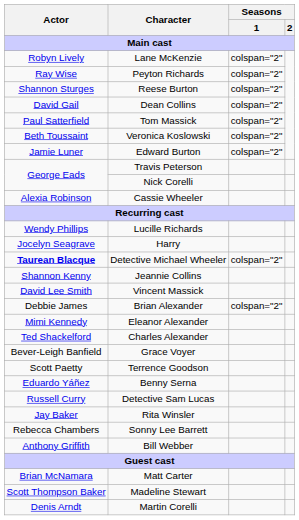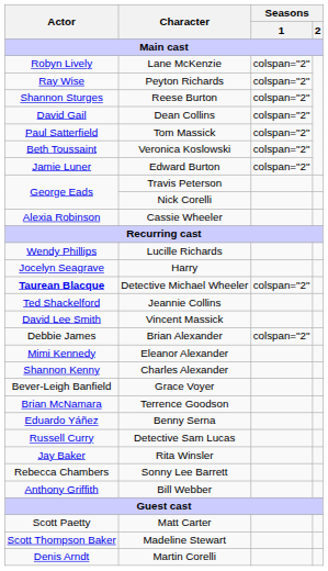 <table class="wikitable" style="text-align:center;">
 <tr>
 <th rowspan="2">Actor</th>
 <th rowspan="2">Character</th>
 <th colspan="4">Seasons</th>
 </tr>
 <tr>
 <th scope="col">1</th>
 <th scope="col">2</th>
 </tr>
 <tr>
 <th colspan="5" style="background-color:#ccccff;">Main cast</th>
 </tr>
 <tr>
 <td><a href='#'>Robyn Lively</a></td>
 <td scope="row">Lane McKenzie</td>
 <td>colspan="2" </td>
 </tr>
 <tr>
 <td><a href='#'>Ray Wise</a></td>
 <td scope="row">Peyton Richards</td>
 <td>colspan="2" </td>
 </tr>
 <tr>
 <td><a href='#'>Shannon Sturges</a></td>
 <td scope="row">Reese Burton</td>
 <td>colspan="2" </td>
 </tr>
 <tr>
 <td><a href='#'>David Gail</a></td>
 <td scope="row">Dean Collins</td>
 <td>colspan="2" </td>
 </tr>
 <tr>
 <td><a href='#'>Paul Satterfield</a></td>
 <td scope="row">Tom Massick</td>
 <td>colspan="2" </td>
 </tr>
 <tr>
 <td><a href='#'>Beth Toussaint</a></td>
 <td scope="row">Veronica Koslowski</td>
 <td>colspan="2" </td>
 </tr>
 <tr>
 <td><a href='#'>Jamie Luner</a></td>
 <td scope="row">Edward Burton</td>
 <td>colspan="2" </td>
 </tr>
 <tr>
 <td rowspan="2"><a href='#'>George Eads</a></td>
 <td scope="row">Travis Peterson</td>
 <td></td>
 <td></td>
 </tr>
 <tr>
 <td scope="row">Nick Corelli</td>
 <td></td>
 <td></td>
 </tr>
 <tr>
 <td><a href='#'>Alexia Robinson</a></td>
 <td scope="row">Cassie Wheeler</td>
 <td></td>
 <td></td>
 </tr>
 <tr>
 <th colspan="5" style="background-color:#ccccff;">Recurring cast</th>
 </tr>
 <tr>
 <td><a href='#'>Wendy Phillips</a></td>
 <td scope="row">Lucille Richards</td>
 <td></td>
 <td></td>
 </tr>
 <tr>
 <td><a href='#'>Jocelyn Seagrave</a></td>
 <td scope="row">Harry</td>
 <td></td>
 <td></td>
 </tr>
 <tr>
 <td><strong><a href='#'>Taurean Blacque</a></strong></td>
 <td scope="row">Detective Michael Wheeler</td>
 <td>colspan="2" </td>
 </tr>
 <tr>
-<td><a href='#'>Shannon Kenny</a></td>
+<td><a href='#'>Ted Shackelford</a></td>
 <td scope="row">Jeannie Collins</td>
 <td></td>
 <td></td>
 </tr>
 <tr>
 <td><a href='#'>David Lee Smith</a></td>
 <td scope="row">Vincent Massick</td>
 <td></td>
 <td></td>
 </tr>
 <tr>
 <td>Debbie James</td>
 <td scope="row">Brian Alexander</td>
 <td>colspan="2" </td>
 </tr>
 <tr>
 <td><a href='#'>Mimi Kennedy</a></td>
 <td scope="row">Eleanor Alexander</td>
 <td></td>
 <td></td>
 </tr>
 <tr>
-<td><a href='#'>Ted Shackelford</a></td>
+<td><a href='#'>Shannon Kenny</a></td>
 <td scope="row">Charles Alexander</td>
 <td></td>
 <td></td>
 </tr>
 <tr>
 <td>Bever-Leigh Banfield</td>
 <td scope="row">Grace Voyer</td>
 <td></td>
 <td></td>
 </tr>
 <tr>
-<td>Scott Paetty</td>
+<td><a href='#'>Brian McNamara</a></td>
 <td scope="row">Terrence Goodson</td>
 <td></td>
 <td></td>
 </tr>
 <tr>
 <td><a href='#'>Eduardo Yáñez</a></td>
 <td scope="row">Benny Serna</td>
 <td></td>
 <td></td>
 </tr>
 <tr>
 <td><a href='#'>Russell Curry</a></td>
 <td scope="row">Detective Sam Lucas</td>
 <td></td>
 <td></td>
 </tr>
 <tr>
 <td><a href='#'>Jay Baker</a></td>
 <td scope="row">Rita Winsler</td>
 <td></td>
 <td></td>
 </tr>
 <tr>
 <td>Rebecca Chambers</td>
 <td scope="row">Sonny Lee Barrett</td>
 <td></td>
 <td></td>
 </tr>
 <tr>
 <td><a href='#'>Anthony Griffith</a></td>
 <td scope="row">Bill Webber</td>
 <td></td>
 <td></td>
 </tr>
 <tr>
 <th colspan="5" style="background-color:#ccccff;">Guest cast</th>
 </tr>
 <tr>
-<td><a href='#'>Brian McNamara</a></td>
+<td>Scott Paetty</td>
 <td scope="row">Matt Carter</td>
 <td></td>
 <td></td>
 </tr>
 <tr>
 <td><a href='#'>Scott Thompson Baker</a></td>
 <td scope="row">Madeline Stewart</td>
 <td></td>
 <td></td>
 </tr>
 <tr>
 <td><a href='#'>Denis Arndt</a></td>
 <td scope="row">Martin Corelli</td>
 <td></td>
 <td></td>
 </tr>
 </table>
